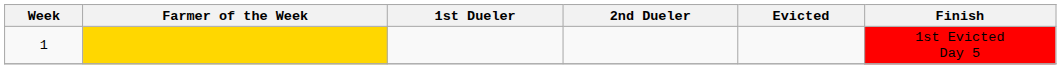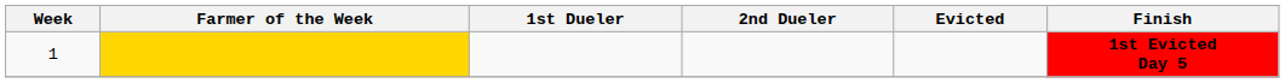 <table class="wikitable" style="font-size:100%; text-align:center; width: 80%; margin-left: auto; margin-right: auto;">
 <tr>
 <th>Week</th>
 <th>Farmer of the Week</th>
 <th>1st Dueler</th>
 <th>2nd Dueler</th>
 <th>Evicted</th>
 <th>Finish</th>
 </tr>
 <tr>
 <td>1</td>
 <td style="background:gold;"></td>
 <td></td>
 <td></td>
 <td></td>
-<td style="background:#ff0000">1st Evicted<br>Day 5</td>
+<td style="background:#ff0000"><strong>1st Evicted<br>Day 5</strong></td>
 </tr>
 <tr>
 </tr>
 </table>
